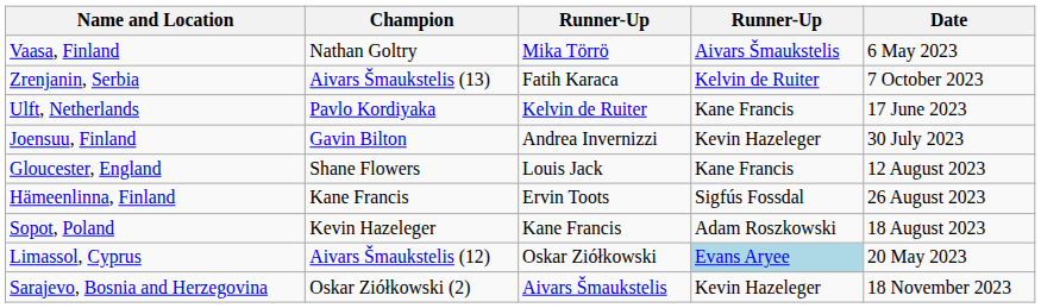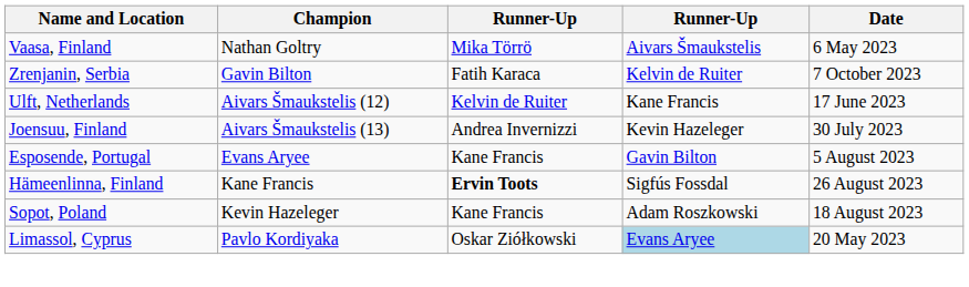 <table class="wikitable" style="display: inline-table;width: 100%;">
 <tr>
 <th scope="col">Name and Location</th>
 <th scope="col">Champion</th>
 <th scope="col">Runner-Up</th>
 <th scope="col">Runner-Up</th>
 <th scope="col">Date</th>
 </tr>
 <tr>
 <td> <a href='#'>Vaasa</a>, <a href='#'>Finland</a><br> </td>
 <td> Nathan Goltry</td>
 <td> <a href='#'>Mika Törrö</a></td>
 <td> <a href='#'>Aivars Šmaukstelis</a></td>
 <td>6 May 2023</td>
 </tr>
 <tr>
 <td> <a href='#'>Zrenjanin</a>, <a href='#'>Serbia</a><br> </td>
-<td> <a href='#'>Aivars Šmaukstelis</a> (13)</td>
+<td> <a href='#'>Gavin Bilton</a></td>
 <td> Fatih Karaca</td>
 <td> <a href='#'>Kelvin de Ruiter</a></td>
 <td>7 October 2023</td>
 </tr>
 <tr>
 <td> <a href='#'>Ulft</a>, <a href='#'>Netherlands</a><br> </td>
-<td> <a href='#'>Pavlo Kordiyaka</a></td>
+<td> <a href='#'>Aivars Šmaukstelis</a> (12)</td>
 <td> <a href='#'>Kelvin de Ruiter</a></td>
 <td> Kane Francis</td>
 <td>17 June 2023</td>
 </tr>
 <tr>
 <td> <a href='#'>Joensuu</a>, <a href='#'>Finland</a><br> </td>
-<td> <a href='#'>Gavin Bilton</a></td>
+<td> <a href='#'>Aivars Šmaukstelis</a> (13)</td>
 <td> Andrea Invernizzi</td>
 <td> Kevin Hazeleger</td>
 <td>30 July 2023</td>
 </tr>
 <tr>
-<td> <a href='#'>Gloucester</a>, <a href='#'>England</a><br> </td>
-<td> Shane Flowers</td>
-<td> Louis Jack</td>
+<td> <a href='#'>Esposende</a>, <a href='#'>Portugal</a><br> </td>
+<td> <a href='#'>Evans Aryee</a></td>
 <td> Kane Francis</td>
-<td>12 August 2023</td>
+<td> <a href='#'>Gavin Bilton</a></td>
+<td>5 August 2023</td>
 </tr>
 <tr>
 <td> <a href='#'>Hämeenlinna</a>, <a href='#'>Finland</a><br> </td>
 <td> Kane Francis</td>
-<td> Ervin Toots</td>
+<td><strong> Ervin Toots</strong></td>
 <td> Sigfús Fossdal</td>
 <td>26 August 2023</td>
 </tr>
 <tr>
 <td> <a href='#'>Sopot</a>, <a href='#'>Poland</a><br> </td>
 <td> Kevin Hazeleger</td>
 <td> Kane Francis</td>
 <td> Adam Roszkowski</td>
 <td>18 August 2023</td>
 </tr>
 <tr>
 <td> <a href='#'>Limassol</a>, <a href='#'>Cyprus</a><br> </td>
-<td> <a href='#'>Aivars Šmaukstelis</a> (12)</td>
+<td> <a href='#'>Pavlo Kordiyaka</a></td>
 <td> Oskar Ziółkowski</td>
 <td style="background: lightblue;"> <a href='#'>Evans Aryee</a></td>
 <td>20 May 2023</td>
 </tr>
-<tr>
-<td> <a href='#'>Sarajevo</a>, <a href='#'>Bosnia and Herzegovina</a><br> </td>
-<td> Oskar Ziółkowski (2)</td>
-<td> <a href='#'>Aivars Šmaukstelis</a></td>
-<td> Kevin Hazeleger</td>
-<td>18 November 2023</td>
-</tr>
 </table>
